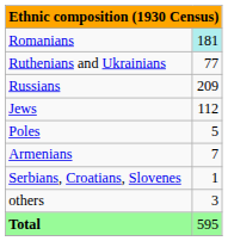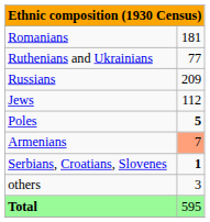 <table class="wikitable" style="float:left">
 <tr ---->
 <td colspan="4" align="center" bgcolor="#FFA500"><strong>Ethnic composition (1930 Census)</strong></td>
 </tr>
 <tr ---->
 <td align=left><a href='#'>Romanians</a></td>
-<td align=right style="background: paleturquoise;">181</td>
+<td align=right>181</td>
 </tr>
 <tr ---->
 <td align=left><a href='#'>Ruthenians</a> and <a href='#'>Ukrainians</a></td>
 <td align=right>77</td>
 </tr>
 <tr ---->
 <td align=left><a href='#'>Russians</a></td>
 <td align=right>209</td>
 </tr>
 <tr ---->
 <td align=left><a href='#'>Jews</a></td>
 <td align=right>112</td>
 </tr>
 <tr ---->
 <td align=left><a href='#'>Poles</a></td>
-<td align=right>5</td>
+<td align=right><strong>5</strong></td>
 </tr>
 <tr ---->
 <td align=left><a href='#'>Armenians</a></td>
-<td align=right>7</td>
+<td align=right style="background: lightsalmon;">7</td>
 </tr>
 <tr ---->
 <td align=left><a href='#'>Serbians</a>, <a href='#'>Croatians</a>, <a href='#'>Slovenes</a></td>
-<td align=right>1</td>
+<td align=right><strong>1</strong></td>
 </tr>
 <tr ---->
 <td align=left>others</td>
 <td align=right>3</td>
 </tr>
 <tr ---->
 <td align=left bgcolor="#98FB98"><strong>Total</strong></td>
 <td align=right bgcolor="#98FB98">595</td>
 </tr>
 <tr ---->
 </tr>
 </table>
